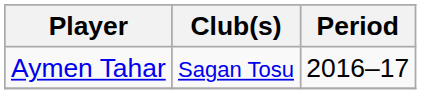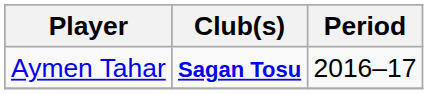 <table class="wikitable collapsible collapsed" style="text-align:center;font-size:95%">
 <tr>
 <th scope="col">Player</th>
 <th scope="col" class="unsortable">Club(s)</th>
 <th scope="col">Period</th>
 </tr>
 <tr>
 <td align="left"><a href='#'>Aymen Tahar</a></td>
-<td><small><a href='#'>Sagan Tosu</a></small></td>
+<td><strong><small><a href='#'>Sagan Tosu</a></small></strong></td>
 <td>2016–17</td>
 </tr>
 <tr>
 </tr>
 </table>
